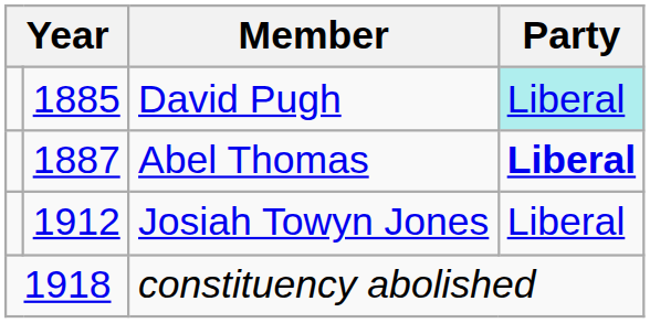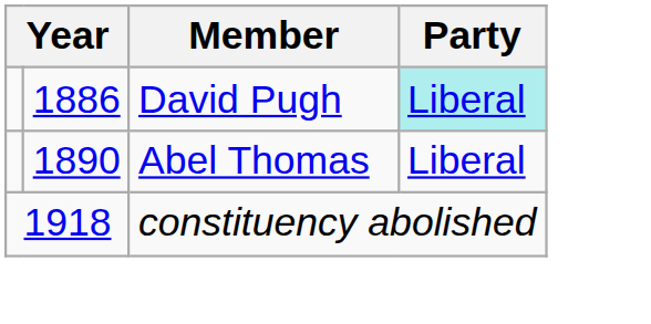 <table class="wikitable">
 <tr>
 <th colspan="2">Year</th>
 <th>Member</th>
 <th>Party</th>
 </tr>
 <tr>
 <td style="color:inherit;background-color: "></td>
-<td><a href='#'>1885</a></td>
+<td><a href='#'>1886</a></td>
 <td><a href='#'>David Pugh</a></td>
 <td style="background: paleturquoise;"><a href='#'>Liberal</a></td>
 </tr>
 <tr>
 <td style="color:inherit;background-color: "></td>
-<td><a href='#'>1887</a></td>
+<td><a href='#'>1890</a></td>
 <td><a href='#'>Abel Thomas</a></td>
-<td><strong><a href='#'>Liberal</a></strong></td>
-</tr>
-<tr>
-<td style="color:inherit;background-color: "></td>
-<td><a href='#'>1912</a></td>
-<td><a href='#'>Josiah Towyn Jones</a></td>
 <td><a href='#'>Liberal</a></td>
 </tr>
 <tr>
 <td colspan="2" align="center"><a href='#'>1918</a></td>
 <td colspan="2"><em>constituency abolished</em></td>
 </tr>
 </table>
